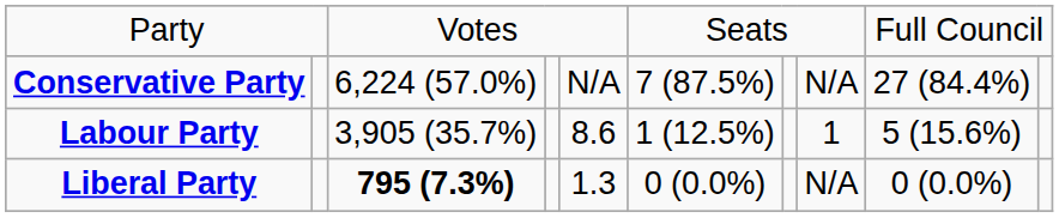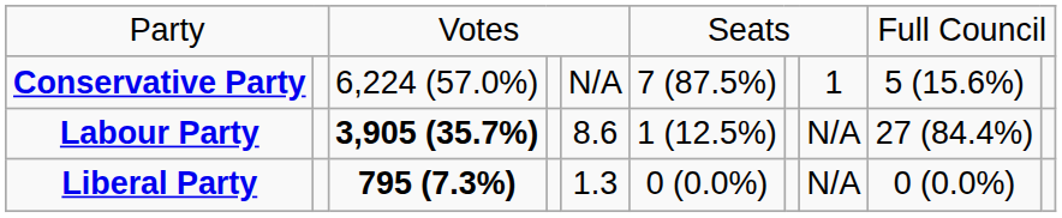 <table class=wikitable style="text-align:center;">
 <tr>
 <td colspan=2>Party</td>
 <td colspan=3>Votes</td>
 <td colspan=3>Seats</td>
 <td colspan=3>Full Council</td>
 </tr>
 <tr>
 <td><strong><a href='#'>Conservative Party</a></strong></td>
 <td style="background:"></td>
 <td>6,224 (57.0%)</td>
 <td></td>
 <td>N/A</td>
 <td>7 (87.5%)</td>
 <td></td>
-<td>N/A</td>
-<td>27 (84.4%)</td>
+<td> 1</td>
+<td>5 (15.6%)</td>
 <td></td>
 </tr>
 <tr>
 <td><strong><a href='#'>Labour Party</a></strong></td>
 <td style="background:"></td>
-<td>3,905 (35.7%)</td>
+<td><strong>3,905 (35.7%)</strong></td>
 <td></td>
 <td> 8.6</td>
 <td>1 (12.5%)</td>
 <td></td>
-<td> 1</td>
-<td>5 (15.6%)</td>
+<td>N/A</td>
+<td>27 (84.4%)</td>
 <td></td>
 </tr>
 <tr>
 <td><strong><a href='#'>Liberal Party</a></strong></td>
 <td style="background:"></td>
 <td><strong>795 (7.3%)</strong></td>
 <td></td>
 <td> 1.3</td>
 <td>0 (0.0%)</td>
 <td></td>
 <td>N/A</td>
 <td>0 (0.0%)</td>
 <td></td>
 </tr>
 </table>
